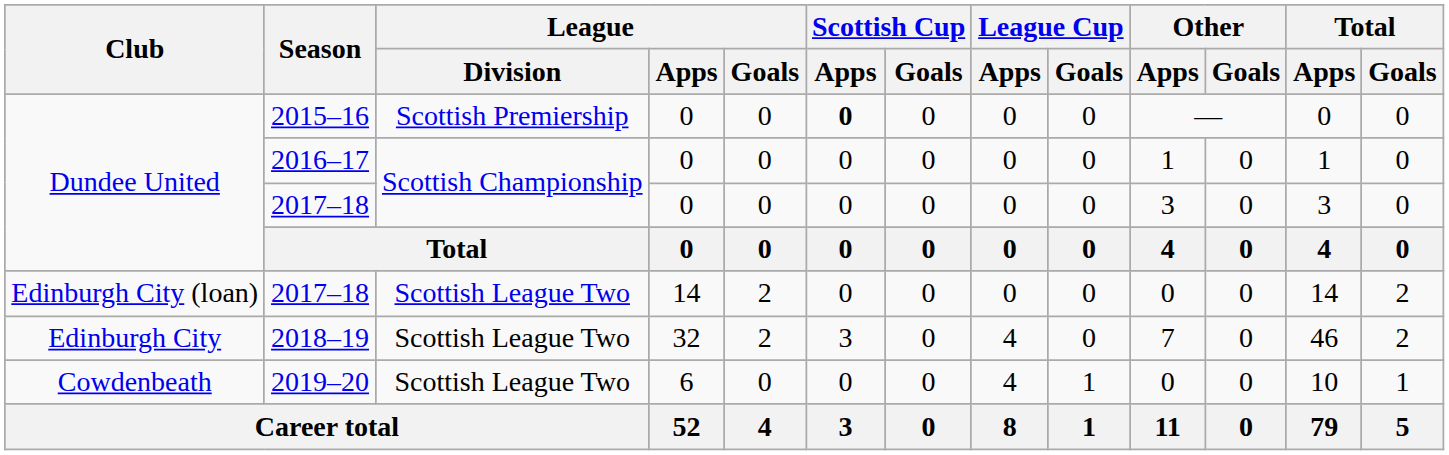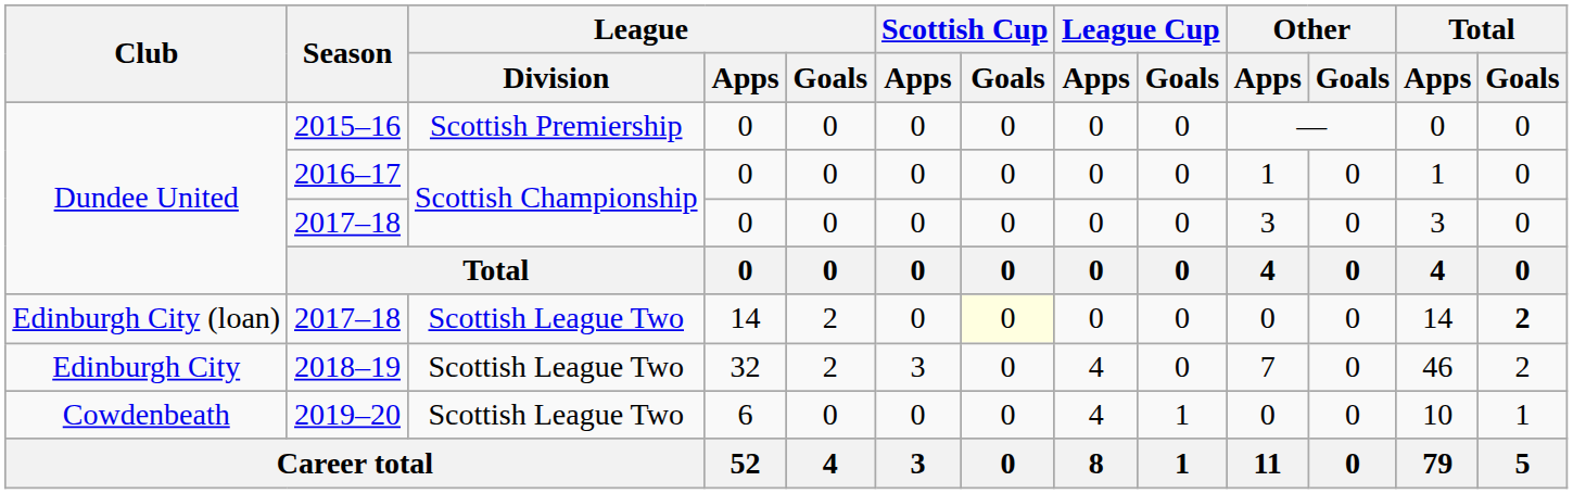 <table class="wikitable" style="text-align: center">
 <tr>
 <th rowspan="2">Club</th>
 <th rowspan="2">Season</th>
 <th colspan="3">League</th>
 <th colspan="2"><a href='#'>Scottish Cup</a></th>
 <th colspan="2"><a href='#'>League Cup</a></th>
 <th colspan="2">Other</th>
 <th colspan="2">Total</th>
 </tr>
 <tr>
 <th>Division</th>
 <th>Apps</th>
 <th>Goals</th>
 <th>Apps</th>
 <th>Goals</th>
 <th>Apps</th>
 <th>Goals</th>
 <th>Apps</th>
 <th>Goals</th>
 <th>Apps</th>
 <th>Goals</th>
 </tr>
 <tr>
 <td rowspan="4"><a href='#'>Dundee United</a></td>
 <td><a href='#'>2015–16</a></td>
 <td><a href='#'>Scottish Premiership</a></td>
 <td>0</td>
 <td>0</td>
-<td><strong>0</strong></td>
+<td>0</td>
 <td>0</td>
 <td>0</td>
 <td>0</td>
 <td colspan="2">—</td>
 <td>0</td>
 <td>0</td>
 </tr>
 <tr>
 <td><a href='#'>2016–17</a></td>
 <td rowspan="2"><a href='#'>Scottish Championship</a></td>
 <td>0</td>
 <td>0</td>
 <td>0</td>
 <td>0</td>
 <td>0</td>
 <td>0</td>
 <td>1</td>
 <td>0</td>
 <td>1</td>
 <td>0</td>
 </tr>
 <tr>
 <td><a href='#'>2017–18</a></td>
 <td>0</td>
 <td>0</td>
 <td>0</td>
 <td>0</td>
 <td>0</td>
 <td>0</td>
 <td>3</td>
 <td>0</td>
 <td>3</td>
 <td>0</td>
 </tr>
 <tr>
 <th colspan="2">Total</th>
 <th>0</th>
 <th>0</th>
 <th>0</th>
 <th>0</th>
 <th>0</th>
 <th>0</th>
 <th>4</th>
 <th>0</th>
 <th>4</th>
 <th>0</th>
 </tr>
 <tr>
 <td><a href='#'>Edinburgh City</a> (loan)</td>
 <td><a href='#'>2017–18</a></td>
 <td><a href='#'>Scottish League Two</a></td>
 <td>14</td>
 <td>2</td>
 <td>0</td>
-<td>0</td>
+<td style="background: lightyellow;">0</td>
 <td>0</td>
 <td>0</td>
 <td>0</td>
 <td>0</td>
 <td>14</td>
-<td>2</td>
+<td><strong>2</strong></td>
 </tr>
 <tr>
 <td><a href='#'>Edinburgh City</a></td>
 <td><a href='#'>2018–19</a></td>
 <td>Scottish League Two</td>
 <td>32</td>
 <td>2</td>
 <td>3</td>
 <td>0</td>
 <td>4</td>
 <td>0</td>
 <td>7</td>
 <td>0</td>
 <td>46</td>
 <td>2</td>
 </tr>
 <tr>
 <td><a href='#'>Cowdenbeath</a></td>
 <td><a href='#'>2019–20</a></td>
 <td>Scottish League Two</td>
 <td>6</td>
 <td>0</td>
 <td>0</td>
 <td>0</td>
 <td>4</td>
 <td>1</td>
 <td>0</td>
 <td>0</td>
 <td>10</td>
 <td>1</td>
 </tr>
 <tr>
 <th colspan="3">Career total</th>
 <th>52</th>
 <th>4</th>
 <th>3</th>
 <th>0</th>
 <th>8</th>
 <th>1</th>
 <th>11</th>
 <th>0</th>
 <th>79</th>
 <th>5</th>
 </tr>
 </table>
